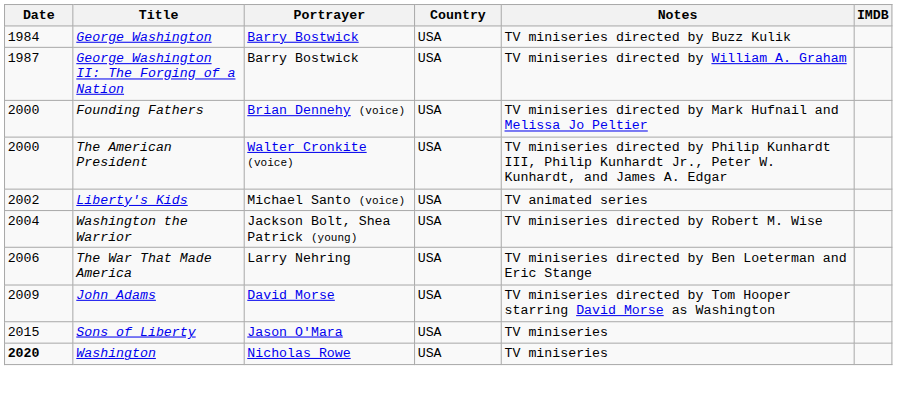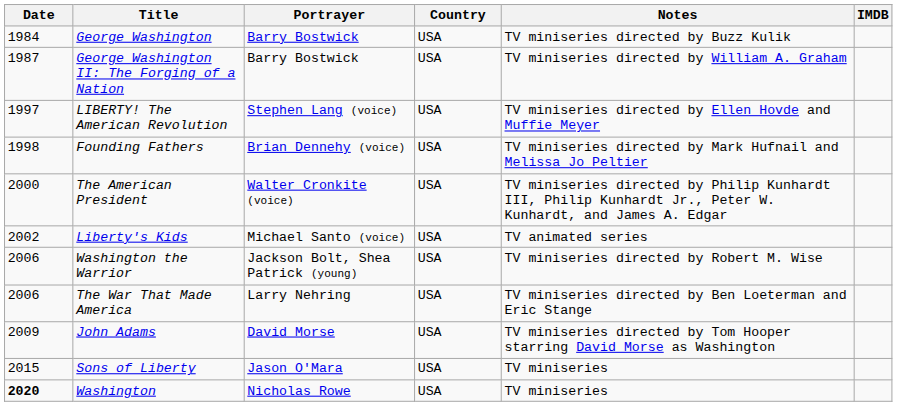 <table class="wikitable sortable">
 <tr>
 <th width="8%">Date</th>
 <th width="20%">Title</th>
 <th width="20%">Portrayer</th>
 <th width="10%">Country</th>
 <th width="53%">Notes</th>
 <th width="5%">IMDB</th>
 </tr>
 <tr valign="top">
 <td>1984</td>
 <td><em><a href='#'>George Washington</a></em></td>
 <td><a href='#'>Barry Bostwick</a></td>
 <td>USA</td>
 <td>TV miniseries directed by Buzz Kulik</td>
 <td></td>
 </tr>
 <tr valign="top">
 <td>1987</td>
 <td><em><a href='#'>George Washington II: The Forging of a Nation</a></em></td>
 <td>Barry Bostwick</td>
 <td>USA</td>
 <td>TV miniseries directed by <a href='#'>William A. Graham</a></td>
 <td></td>
 </tr>
 <tr valign="top">
-<td>2000</td>
+<td>1997</td>
+<td><em>LIBERTY! The American Revolution</em></td>
+<td><a href='#'>Stephen Lang</a> <small>(voice)</small></td>
+<td>USA</td>
+<td>TV miniseries directed by <a href='#'>Ellen Hovde</a> and <a href='#'>Muffie Meyer</a></td>
+<td></td>
+</tr>
+<tr valign="top">
+<td>1998</td>
 <td><em>Founding Fathers</em></td>
 <td><a href='#'>Brian Dennehy</a> <small>(voice)</small></td>
 <td>USA</td>
 <td>TV miniseries directed by Mark Hufnail and <a href='#'>Melissa Jo Peltier</a></td>
 <td></td>
 </tr>
 <tr valign="top">
 <td>2000</td>
 <td><em>The American President</em></td>
 <td><a href='#'>Walter Cronkite</a> <small>(voice)</small></td>
 <td>USA</td>
 <td>TV miniseries directed by Philip Kunhardt III, Philip Kunhardt Jr., Peter W. Kunhardt, and James A. Edgar</td>
 <td></td>
 </tr>
 <tr valign="top">
 <td>2002</td>
 <td><em><a href='#'>Liberty's Kids</a></em></td>
 <td>Michael Santo <small>(voice)</small></td>
 <td>USA</td>
 <td>TV animated series</td>
 <td></td>
 </tr>
 <tr valign="top">
-<td>2004</td>
+<td>2006</td>
 <td><em>Washington the Warrior</em></td>
 <td>Jackson Bolt, Shea Patrick <small>(young)</small></td>
 <td>USA</td>
 <td>TV miniseries directed by Robert M. Wise</td>
 <td></td>
 </tr>
 <tr valign="top">
 <td>2006</td>
 <td><em>The War That Made America</em></td>
 <td>Larry Nehring</td>
 <td>USA</td>
 <td>TV miniseries directed by Ben Loeterman and Eric Stange</td>
 <td></td>
 </tr>
 <tr valign="top">
 <td>2009</td>
 <td><em><a href='#'>John Adams</a></em></td>
 <td><a href='#'>David Morse</a></td>
 <td>USA</td>
 <td>TV miniseries directed by Tom Hooper starring <a href='#'>David Morse</a> as Washington</td>
 <td></td>
 </tr>
 <tr valign="top">
 <td>2015</td>
 <td><em><a href='#'>Sons of Liberty</a></em></td>
 <td><a href='#'>Jason O'Mara</a></td>
 <td>USA</td>
 <td>TV miniseries</td>
 <td></td>
 </tr>
 <tr valign="top">
 <td><strong>2020</strong></td>
 <td><em><a href='#'>Washington</a></em></td>
 <td><a href='#'>Nicholas Rowe</a></td>
 <td>USA</td>
 <td>TV miniseries</td>
 <td></td>
 </tr>
 </table>
